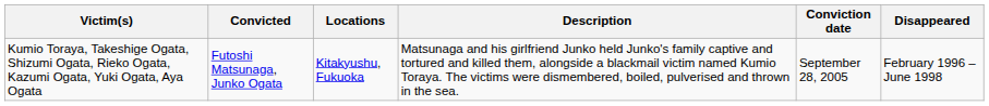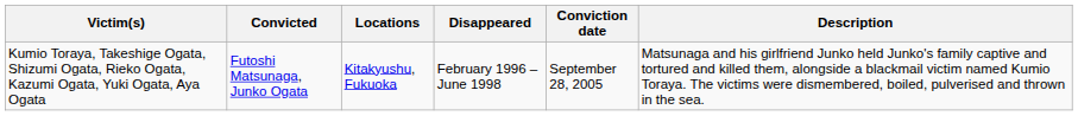 <table class="wikitable sortable">
 <tr>
 <th scope="col">Victim(s)</th>
 <th scope="col">Convicted</th>
 <th scope="col">Locations</th>
+<th scope="col">Disappeared</th>
+<th scope="col">Conviction date</th>
 <th scope="col">Description</th>
-<th scope="col">Conviction date</th>
-<th scope="col">Disappeared</th>
 </tr>
 <tr>
 <td>Kumio Toraya, Takeshige Ogata, Shizumi Ogata, Rieko Ogata, Kazumi Ogata, Yuki Ogata, Aya Ogata</td>
 <td><a href='#'>Futoshi Matsunaga</a>, <a href='#'>Junko Ogata</a></td>
 <td><a href='#'>Kitakyushu</a>, <a href='#'>Fukuoka</a></td>
+<td>February 1996 – June 1998</td>
+<td>September 28, 2005</td>
 <td>Matsunaga and his girlfriend Junko held Junko's family captive and tortured and killed them, alongside a blackmail victim named Kumio Toraya. The victims were dismembered, boiled, pulverised and thrown in the sea.</td>
-<td>September 28, 2005</td>
-<td>February 1996 – June 1998</td>
 </tr>
 </table>
